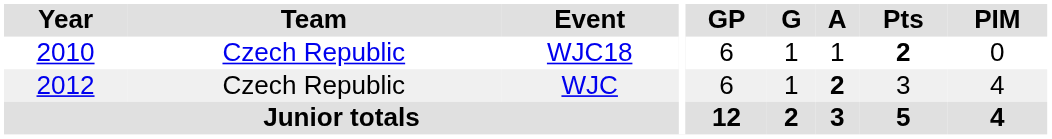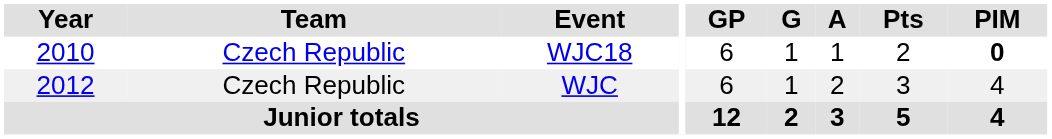 <table border="0" cellpadding="1" cellspacing="0" ID="Table3" style="text-align:center; width:40em">
 <tr ALIGN="center" bgcolor="#e0e0e0">
 <th>Year</th>
 <th>Team</th>
 <th>Event</th>
 <th rowspan="99" bgcolor="#ffffff"></th>
 <th>GP</th>
 <th>G</th>
 <th>A</th>
 <th>Pts</th>
 <th>PIM</th>
 </tr>
 <tr>
 <td><a href='#'>2010</a></td>
 <td><a href='#'>Czech Republic</a></td>
 <td><a href='#'>WJC18</a></td>
 <td>6</td>
 <td>1</td>
 <td>1</td>
-<td><strong>2</strong></td>
-<td>0</td>
+<td>2</td>
+<td><strong>0</strong></td>
 </tr>
 <tr bgcolor="#f0f0f0">
 <td><a href='#'>2012</a></td>
 <td>Czech Republic</td>
 <td><a href='#'>WJC</a></td>
 <td>6</td>
 <td>1</td>
-<td><strong>2</strong></td>
+<td>2</td>
 <td>3</td>
 <td>4</td>
 </tr>
 <tr ALIGN="center" bgcolor="#e0e0e0">
 <th colspan=3>Junior totals</th>
 <th>12</th>
 <th>2</th>
 <th>3</th>
 <th>5</th>
 <th>4</th>
 </tr>
 </table>
